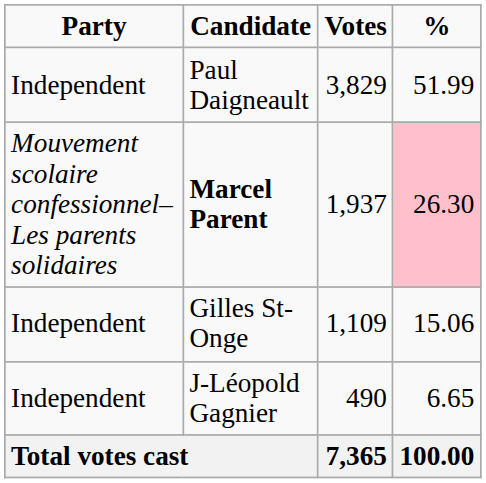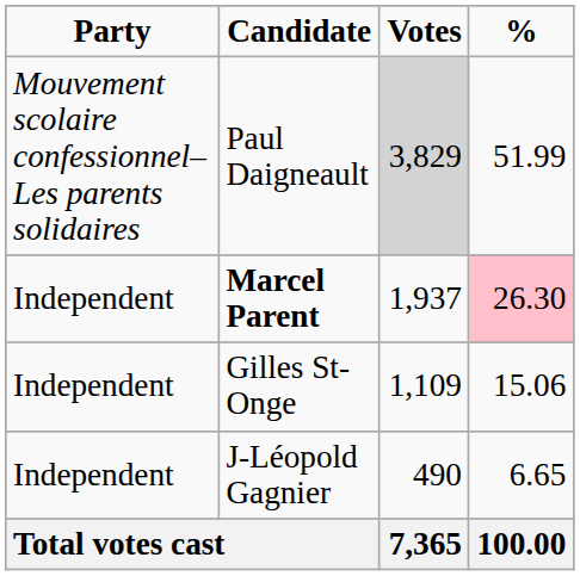 <table class="wikitable" style="width: 45%;">
 <tr>
 <td style="text-align:center;"><strong>Party</strong></td>
 <td style="text-align:center;"><strong>Candidate</strong></td>
 <td style="text-align:center;"><strong>Votes</strong></td>
 <td style="text-align:center;"><strong>%</strong></td>
 </tr>
 <tr>
-<td style="text-align:left;">Independent</td>
+<td style="text-align:left;"><em>Mouvement scolaire confessionnel–<br>Les parents solidaires</em></td>
 <td style="text-align:left;">Paul Daigneault</td>
-<td style="text-align:right;">3,829</td>
+<td style="background: lightgrey; text-align:right;">3,829</td>
 <td style="text-align:right;">51.99</td>
 </tr>
 <tr>
-<td style="text-align:left;"><em>Mouvement scolaire confessionnel–<br>Les parents solidaires</em></td>
+<td style="text-align:left;">Independent</td>
 <td style="text-align:left;"><strong>Marcel Parent</strong></td>
 <td style="text-align:right;">1,937</td>
 <td style="background: pink; text-align:right;">26.30</td>
 </tr>
 <tr>
 <td style="text-align:left;">Independent</td>
 <td style="text-align:left;">Gilles St-Onge</td>
 <td style="text-align:right;">1,109</td>
 <td style="text-align:right;">15.06</td>
 </tr>
 <tr>
 <td style="text-align:left;">Independent</td>
 <td style="text-align:left;">J-Léopold Gagnier</td>
 <td style="text-align:right;">490</td>
 <td style="text-align:right;">6.65</td>
 </tr>
 <tr>
 <th style="text-align:left;" colspan=2>Total votes cast</th>
 <th style="text-align:right;">7,365</th>
 <th style="text-align:right;">100.00</th>
 </tr>
 </table>
